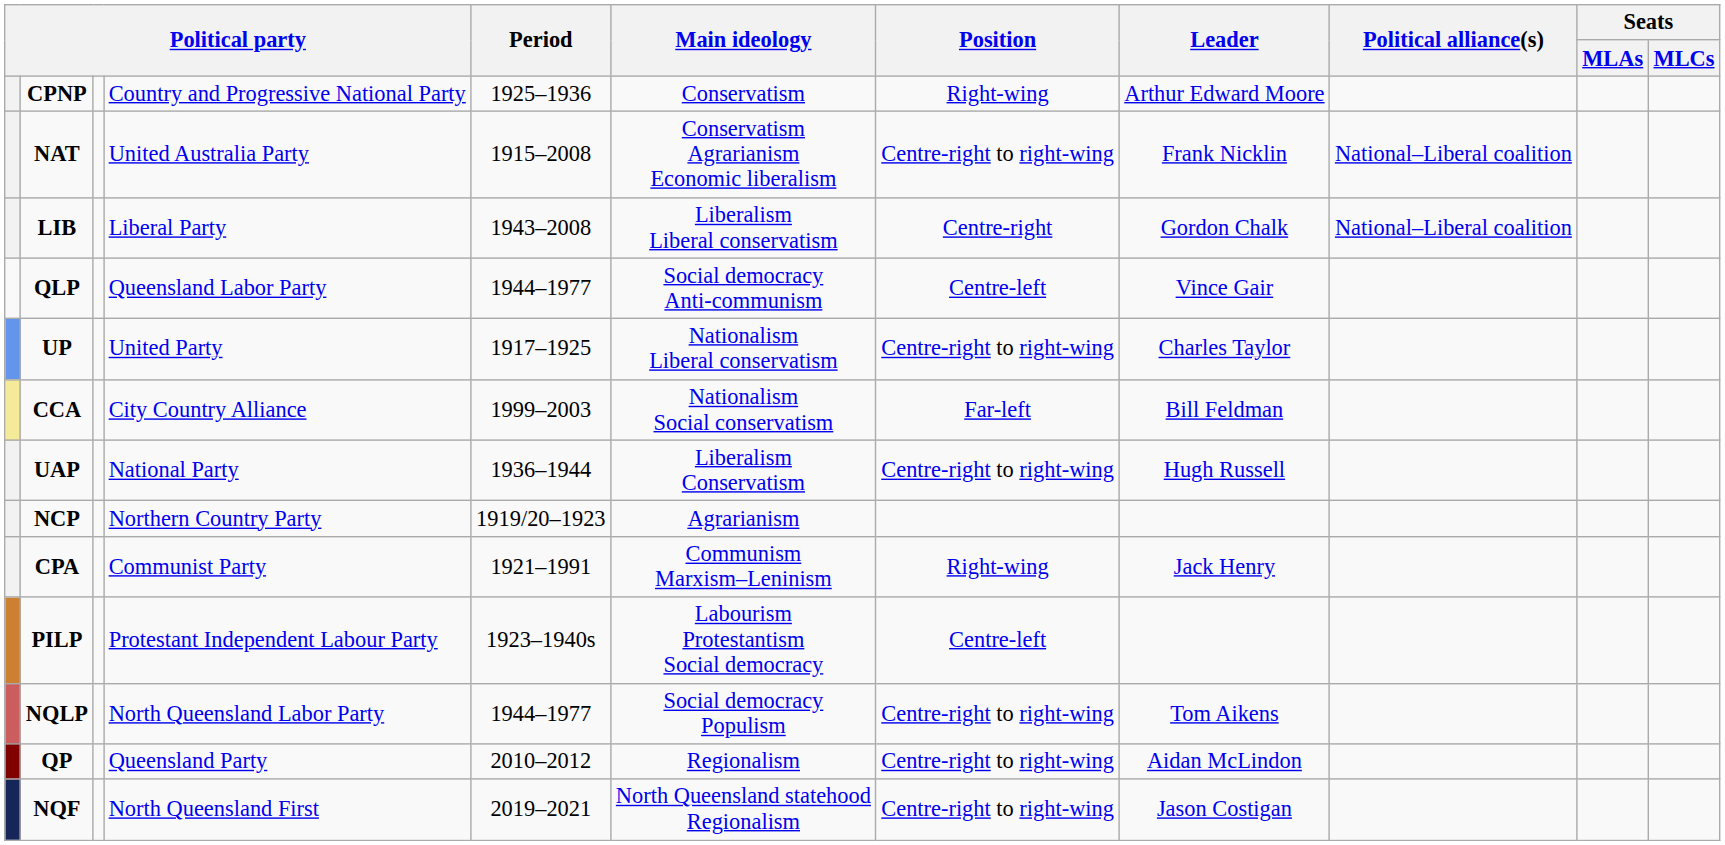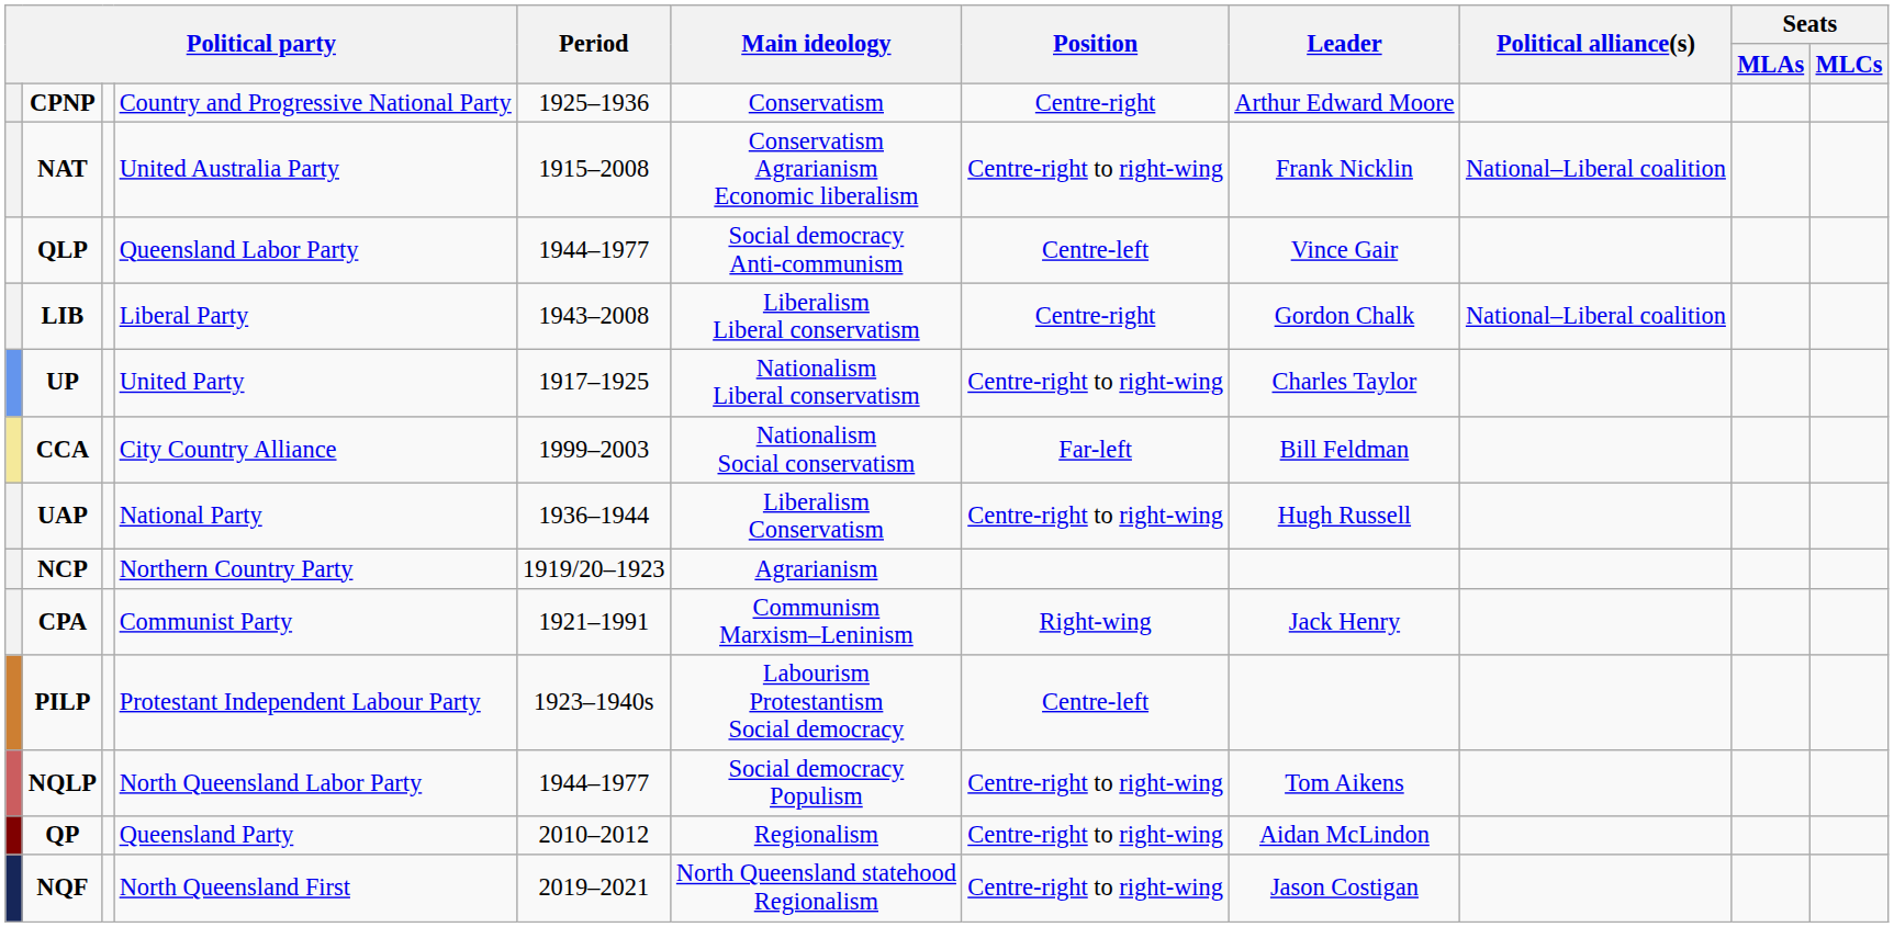 <table class="wikitable" style="text-align:center">
 <tr>
 <th colspan="4" rowspan="2"><a href='#'>Political party</a></th>
 <th rowspan="2">Period</th>
 <th rowspan="2"><a href='#'>Main ideology</a></th>
 <th rowspan="2"><a href='#'>Position</a></th>
 <th rowspan="2"><a href='#'>Leader</a></th>
 <th rowspan="2"><a href='#'>Political alliance</a>(s)</th>
 <th colspan="2">Seats</th>
 </tr>
 <tr>
 <th><a href='#'>MLAs</a></th>
 <th><a href='#'>MLCs</a></th>
 </tr>
 <tr>
 <th style="background:"></th>
 <td><strong>CPNP</strong></td>
 <td></td>
 <td style="text-align:left;"><a href='#'>Country and Progressive National Party</a></td>
 <td>1925–1936</td>
 <td><a href='#'>Conservatism</a></td>
-<td><a href='#'>Right-wing</a></td>
+<td><a href='#'>Centre-right</a></td>
 <td><a href='#'>Arthur Edward Moore</a></td>
 <td></td>
 <td></td>
 <td></td>
 </tr>
 <tr>
 <th style="background:"></th>
 <td><strong>NAT</strong></td>
 <td></td>
 <td style="text-align:left;"><a href='#'>United Australia Party</a></td>
 <td>1915–2008</td>
 <td><a href='#'>Conservatism</a><br><a href='#'>Agrarianism</a><br><a href='#'>Economic liberalism</a></td>
 <td><a href='#'>Centre-right</a> to <a href='#'>right-wing</a></td>
 <td><a href='#'>Frank Nicklin</a></td>
 <td><a href='#'>National–Liberal coalition</a></td>
 <td></td>
 <td></td>
 </tr>
 <tr>
+<td> </td>
+<td><strong>QLP</strong></td>
+<td></td>
+<td style="text-align:left;"><a href='#'>Queensland Labor Party</a></td>
+<td>1944–1977</td>
+<td><a href='#'>Social democracy</a><br><a href='#'>Anti-communism</a></td>
+<td><a href='#'>Centre-left</a></td>
+<td><a href='#'>Vince Gair</a></td>
+<td></td>
+<td></td>
+<td></td>
+</tr>
+<tr>
 <th style="background:"></th>
 <td><strong>LIB</strong></td>
 <td></td>
 <td style="text-align:left;"><a href='#'>Liberal Party</a></td>
 <td>1943–2008</td>
 <td><a href='#'>Liberalism</a><br><a href='#'>Liberal conservatism</a></td>
 <td><a href='#'>Centre-right</a></td>
 <td><a href='#'>Gordon Chalk</a></td>
 <td><a href='#'>National–Liberal coalition</a></td>
-<td></td>
-<td></td>
-</tr>
-<tr>
-<td> </td>
-<td><strong>QLP</strong></td>
-<td></td>
-<td style="text-align:left;"><a href='#'>Queensland Labor Party</a></td>
-<td>1944–1977</td>
-<td><a href='#'>Social democracy</a><br><a href='#'>Anti-communism</a></td>
-<td><a href='#'>Centre-left</a></td>
-<td><a href='#'>Vince Gair</a></td>
-<td></td>
 <td></td>
 <td></td>
 </tr>
 <tr>
 <th style="background:#6495ED;"></th>
 <td><strong>UP</strong></td>
 <td></td>
 <td style="text-align:left;"><a href='#'>United Party</a></td>
 <td>1917–1925</td>
 <td><a href='#'>Nationalism</a><br><a href='#'>Liberal conservatism</a></td>
 <td><a href='#'>Centre-right</a> to <a href='#'>right-wing</a></td>
 <td><a href='#'>Charles Taylor</a></td>
 <td></td>
 <td></td>
 <td></td>
 </tr>
 <tr>
 <th style="background:#F5E99A;"></th>
 <td><strong>CCA</strong></td>
 <td></td>
 <td style="text-align:left;"><a href='#'>City Country Alliance</a></td>
 <td>1999–2003</td>
 <td><a href='#'>Nationalism</a><br><a href='#'>Social conservatism</a></td>
 <td><a href='#'>Far-left</a></td>
 <td><a href='#'>Bill Feldman</a></td>
 <td></td>
 <td></td>
 <td></td>
 </tr>
 <tr>
 <th style="background:"></th>
 <td><strong>UAP</strong></td>
 <td></td>
 <td style="text-align:left;"><a href='#'>National Party</a></td>
 <td>1936–1944</td>
 <td><a href='#'>Liberalism</a><br><a href='#'>Conservatism</a></td>
 <td><a href='#'>Centre-right</a> to <a href='#'>right-wing</a></td>
 <td><a href='#'>Hugh Russell</a></td>
 <td></td>
 <td></td>
 <td></td>
 </tr>
 <tr>
 <th style="background:"></th>
 <td><strong>NCP</strong></td>
 <td></td>
 <td style="text-align:left;"><a href='#'>Northern Country Party</a></td>
 <td>1919/20–1923</td>
 <td><a href='#'>Agrarianism</a></td>
 <td></td>
 <td></td>
 <td></td>
 <td></td>
 <td></td>
 </tr>
 <tr>
 <th style="background:"></th>
 <td><strong>CPA</strong></td>
 <td></td>
 <td style="text-align:left;"><a href='#'>Communist Party</a></td>
 <td>1921–1991</td>
 <td><a href='#'>Communism</a><br><a href='#'>Marxism–Leninism</a></td>
 <td><a href='#'>Right-wing</a></td>
 <td><a href='#'>Jack Henry</a></td>
 <td></td>
 <td></td>
 <td></td>
 </tr>
 <tr>
 <th style="background:#CD7F32;"></th>
 <td><strong>PILP</strong></td>
 <td></td>
 <td style="text-align:left;"><a href='#'>Protestant Independent Labour Party</a></td>
 <td>1923–1940s</td>
 <td><a href='#'>Labourism</a><br><a href='#'>Protestantism</a><br><a href='#'>Social democracy</a></td>
 <td><a href='#'>Centre-left</a></td>
 <td></td>
 <td></td>
 <td></td>
 <td></td>
 </tr>
 <tr>
 <th style="background:#CB5D5F;"></th>
 <td><strong>NQLP</strong></td>
 <td></td>
 <td style="text-align:left;"><a href='#'>North Queensland Labor Party</a></td>
 <td>1944–1977</td>
 <td><a href='#'>Social democracy</a><br><a href='#'>Populism</a></td>
 <td><a href='#'>Centre-right</a> to <a href='#'>right-wing</a></td>
 <td><a href='#'>Tom Aikens</a></td>
 <td></td>
 <td></td>
 <td></td>
 </tr>
 <tr>
 <th style="background:#800000;"></th>
 <td><strong>QP</strong></td>
 <td></td>
 <td style="text-align:left;"><a href='#'>Queensland Party</a></td>
 <td>2010–2012</td>
 <td><a href='#'>Regionalism</a></td>
 <td><a href='#'>Centre-right</a> to <a href='#'>right-wing</a></td>
 <td><a href='#'>Aidan McLindon</a></td>
 <td></td>
 <td></td>
 <td></td>
 </tr>
 <tr>
 <th style="background:#162659;"></th>
 <td><strong>NQF</strong></td>
 <td></td>
 <td style="text-align:left;"><a href='#'>North Queensland First</a></td>
 <td>2019–2021</td>
 <td><a href='#'>North Queensland statehood</a><br><a href='#'>Regionalism</a></td>
 <td><a href='#'>Centre-right</a> to <a href='#'>right-wing</a></td>
 <td><a href='#'>Jason Costigan</a></td>
 <td></td>
 <td></td>
 <td></td>
 </tr>
 </table>
